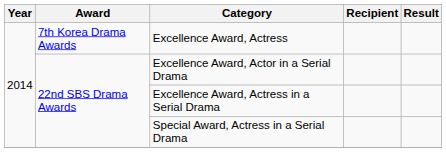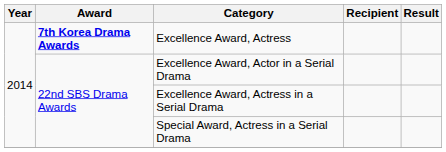 <table class="wikitable">
 <tr>
 <th>Year</th>
 <th>Award</th>
 <th>Category</th>
 <th>Recipient</th>
 <th>Result</th>
 </tr>
 <tr>
 <td rowspan="4">2014</td>
-<td><a href='#'>7th Korea Drama Awards</a></td>
+<td><strong><a href='#'>7th Korea Drama Awards</a></strong></td>
 <td>Excellence Award, Actress</td>
 <td></td>
 <td></td>
 </tr>
 <tr>
 <td rowspan="3"><a href='#'>22nd SBS Drama Awards</a></td>
 <td>Excellence Award, Actor in a Serial Drama</td>
 <td></td>
 <td></td>
 </tr>
 <tr>
 <td>Excellence Award, Actress in a Serial Drama</td>
 <td></td>
 <td></td>
 </tr>
 <tr>
 <td>Special Award, Actress in a Serial Drama</td>
 <td></td>
 <td></td>
 </tr>
 <tr>
 </tr>
 </table>
